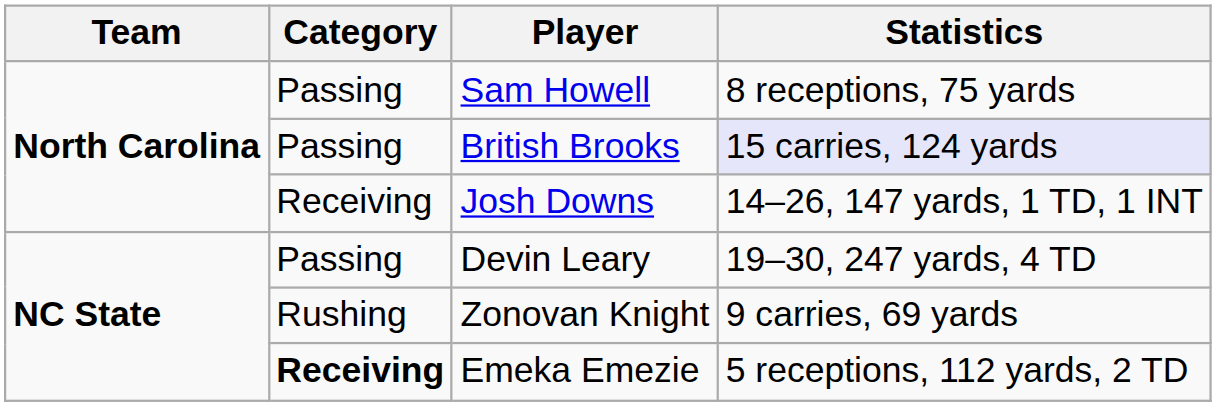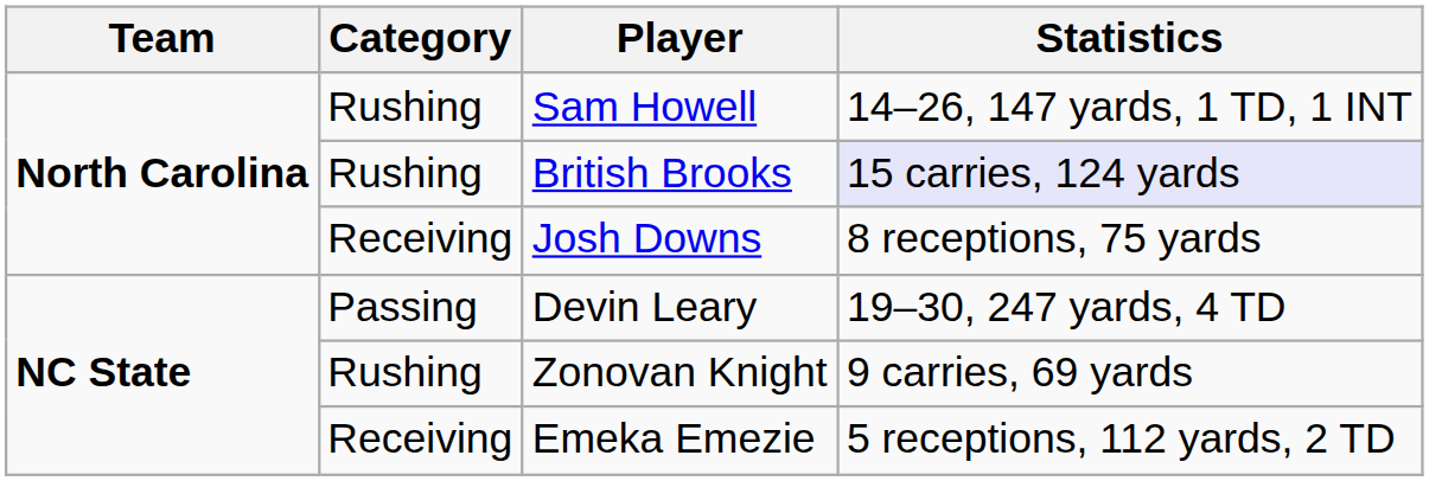 <table class="wikitable" style="float: left;">
 <tr>
 <th>Team</th>
 <th>Category</th>
 <th>Player</th>
 <th>Statistics</th>
 </tr>
 <tr>
 <td rowspan=3><strong>North Carolina</strong></td>
-<td>Passing</td>
+<td>Rushing</td>
 <td><a href='#'>Sam Howell</a></td>
-<td>8 receptions, 75 yards</td>
+<td>14–26, 147 yards, 1 TD, 1 INT</td>
 </tr>
 <tr>
-<td>Passing</td>
+<td>Rushing</td>
 <td><a href='#'>British Brooks</a></td>
 <td style="background: lavender;">15 carries, 124 yards</td>
 </tr>
 <tr>
 <td>Receiving</td>
 <td><a href='#'>Josh Downs</a></td>
-<td>14–26, 147 yards, 1 TD, 1 INT</td>
+<td>8 receptions, 75 yards</td>
 </tr>
 <tr>
 <td rowspan=3><strong>NC State</strong></td>
 <td>Passing</td>
 <td>Devin Leary</td>
 <td>19–30, 247 yards, 4 TD</td>
 </tr>
 <tr>
 <td>Rushing</td>
 <td>Zonovan Knight</td>
 <td>9 carries, 69 yards</td>
 </tr>
 <tr>
-<td><strong>Receiving</strong></td>
+<td>Receiving</td>
 <td>Emeka Emezie</td>
 <td>5 receptions, 112 yards, 2 TD</td>
 </tr>
 </table>
